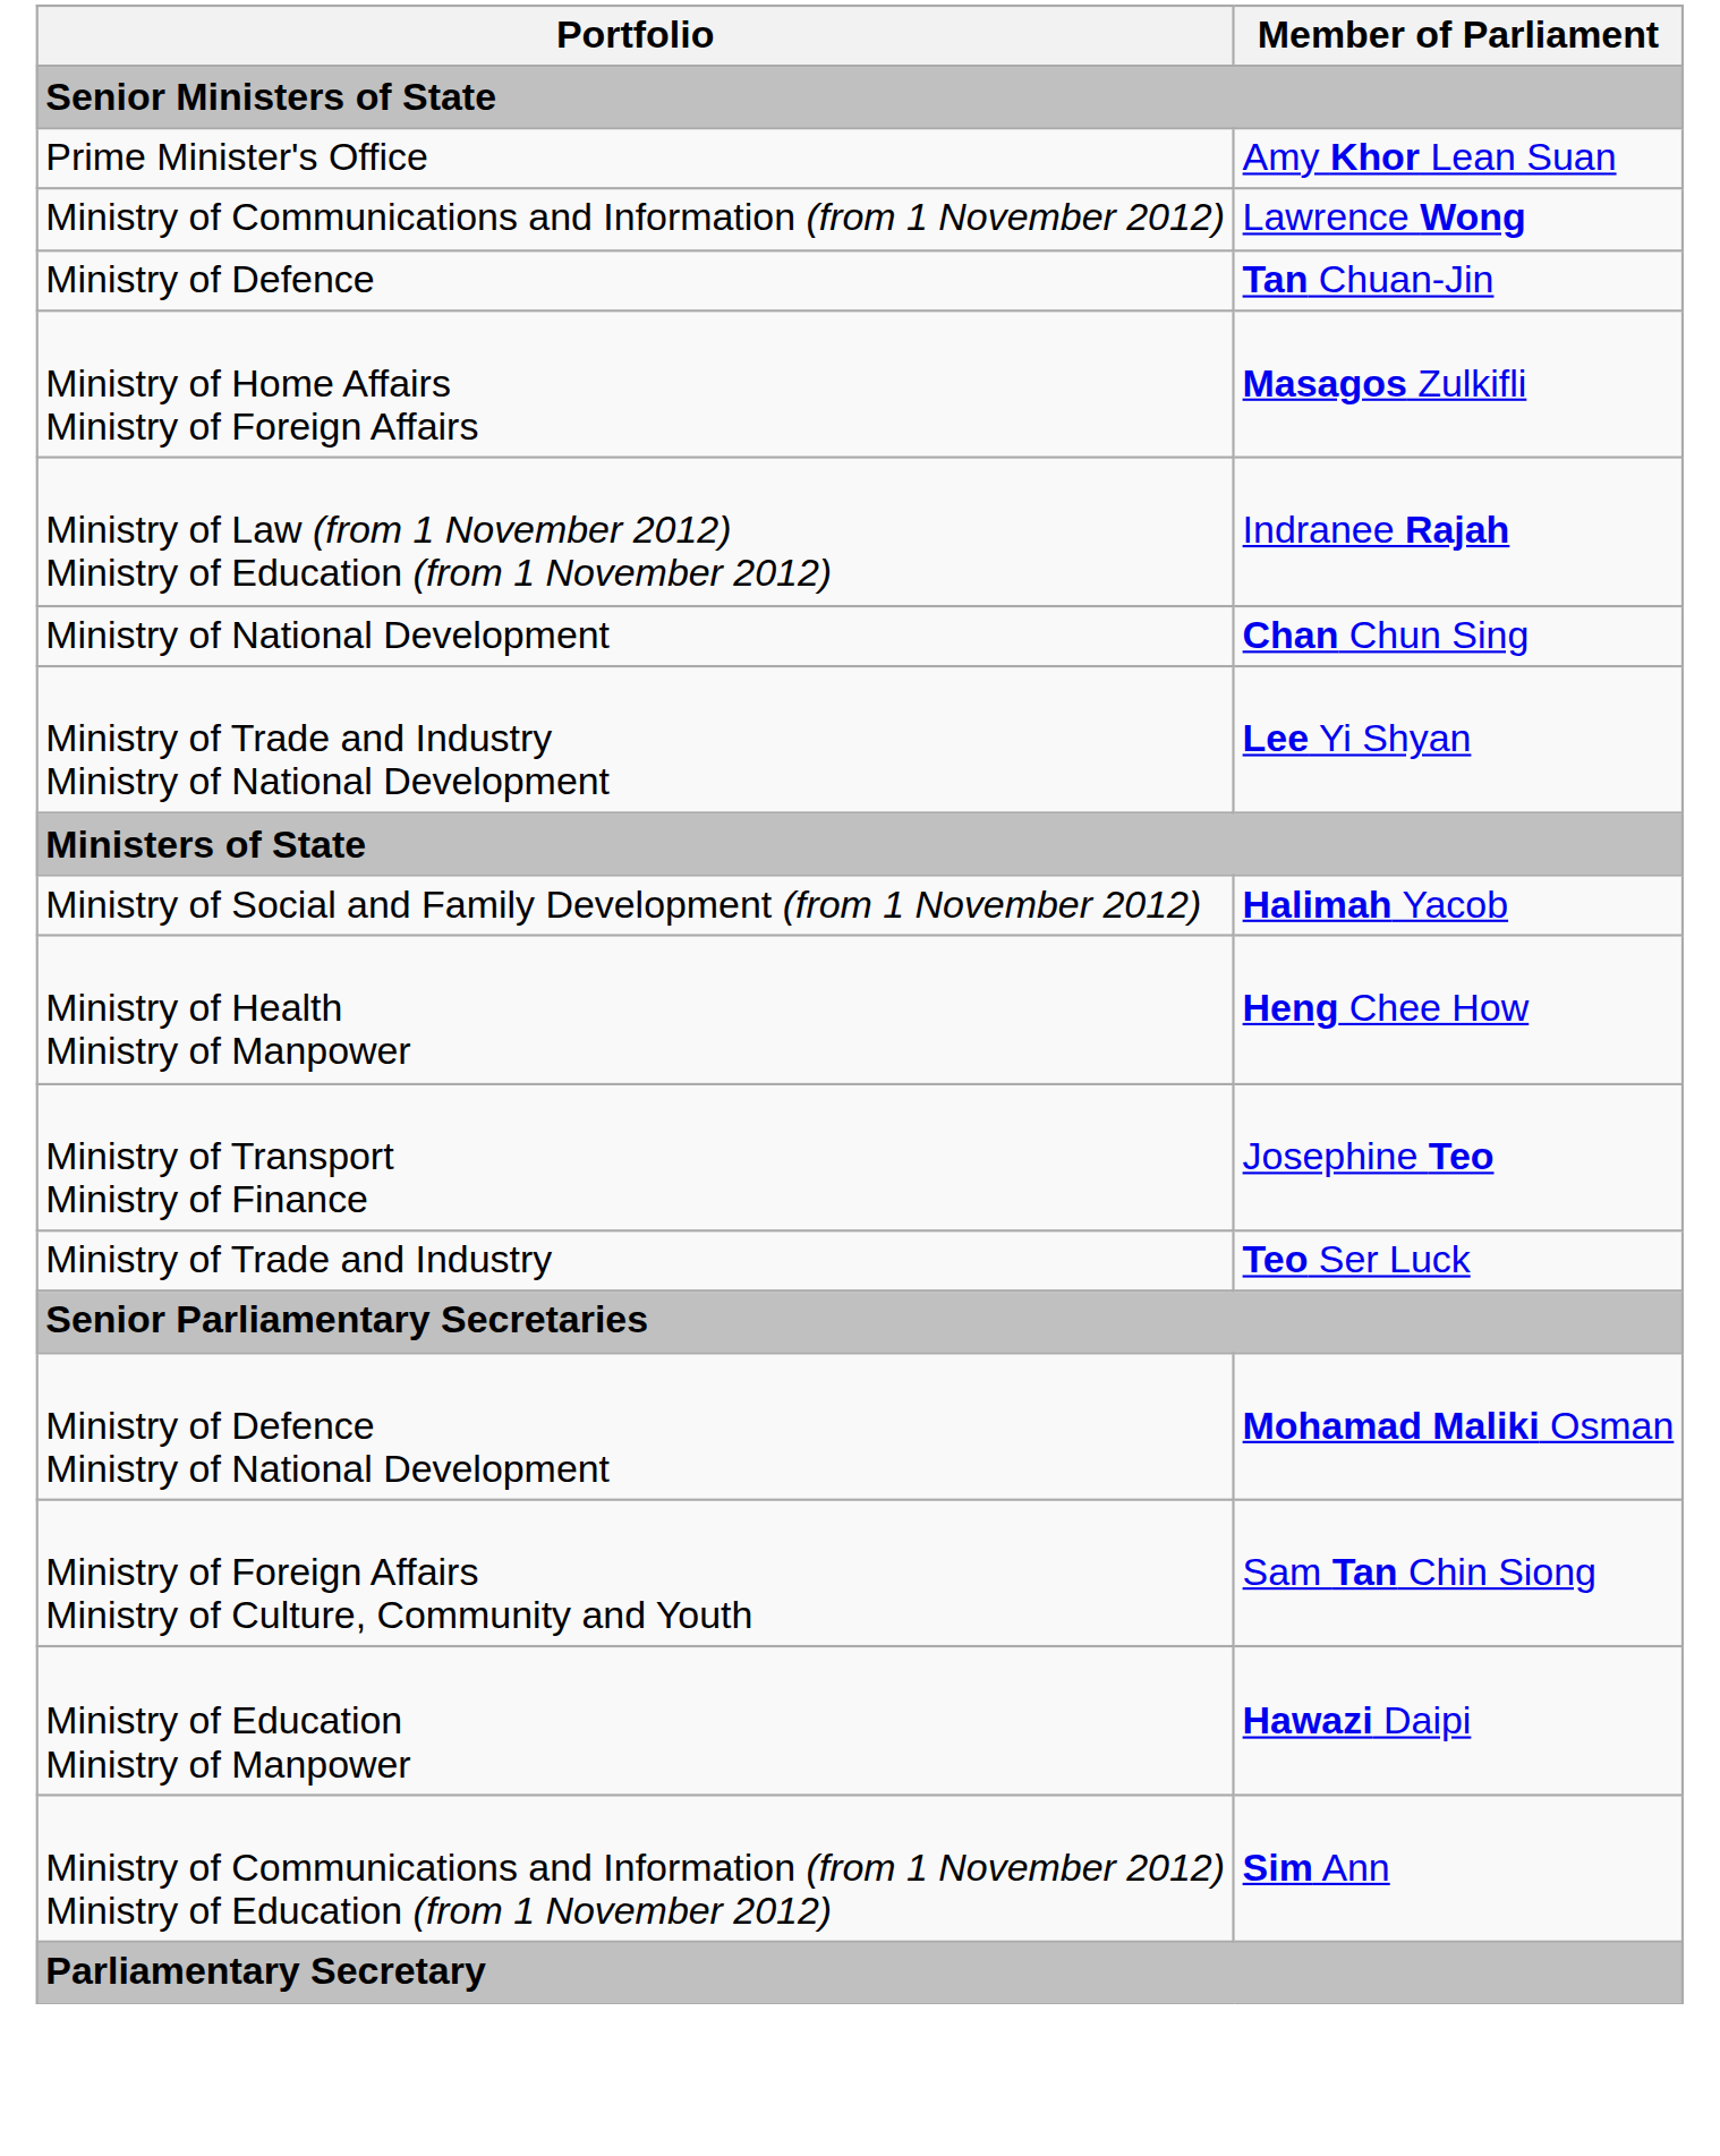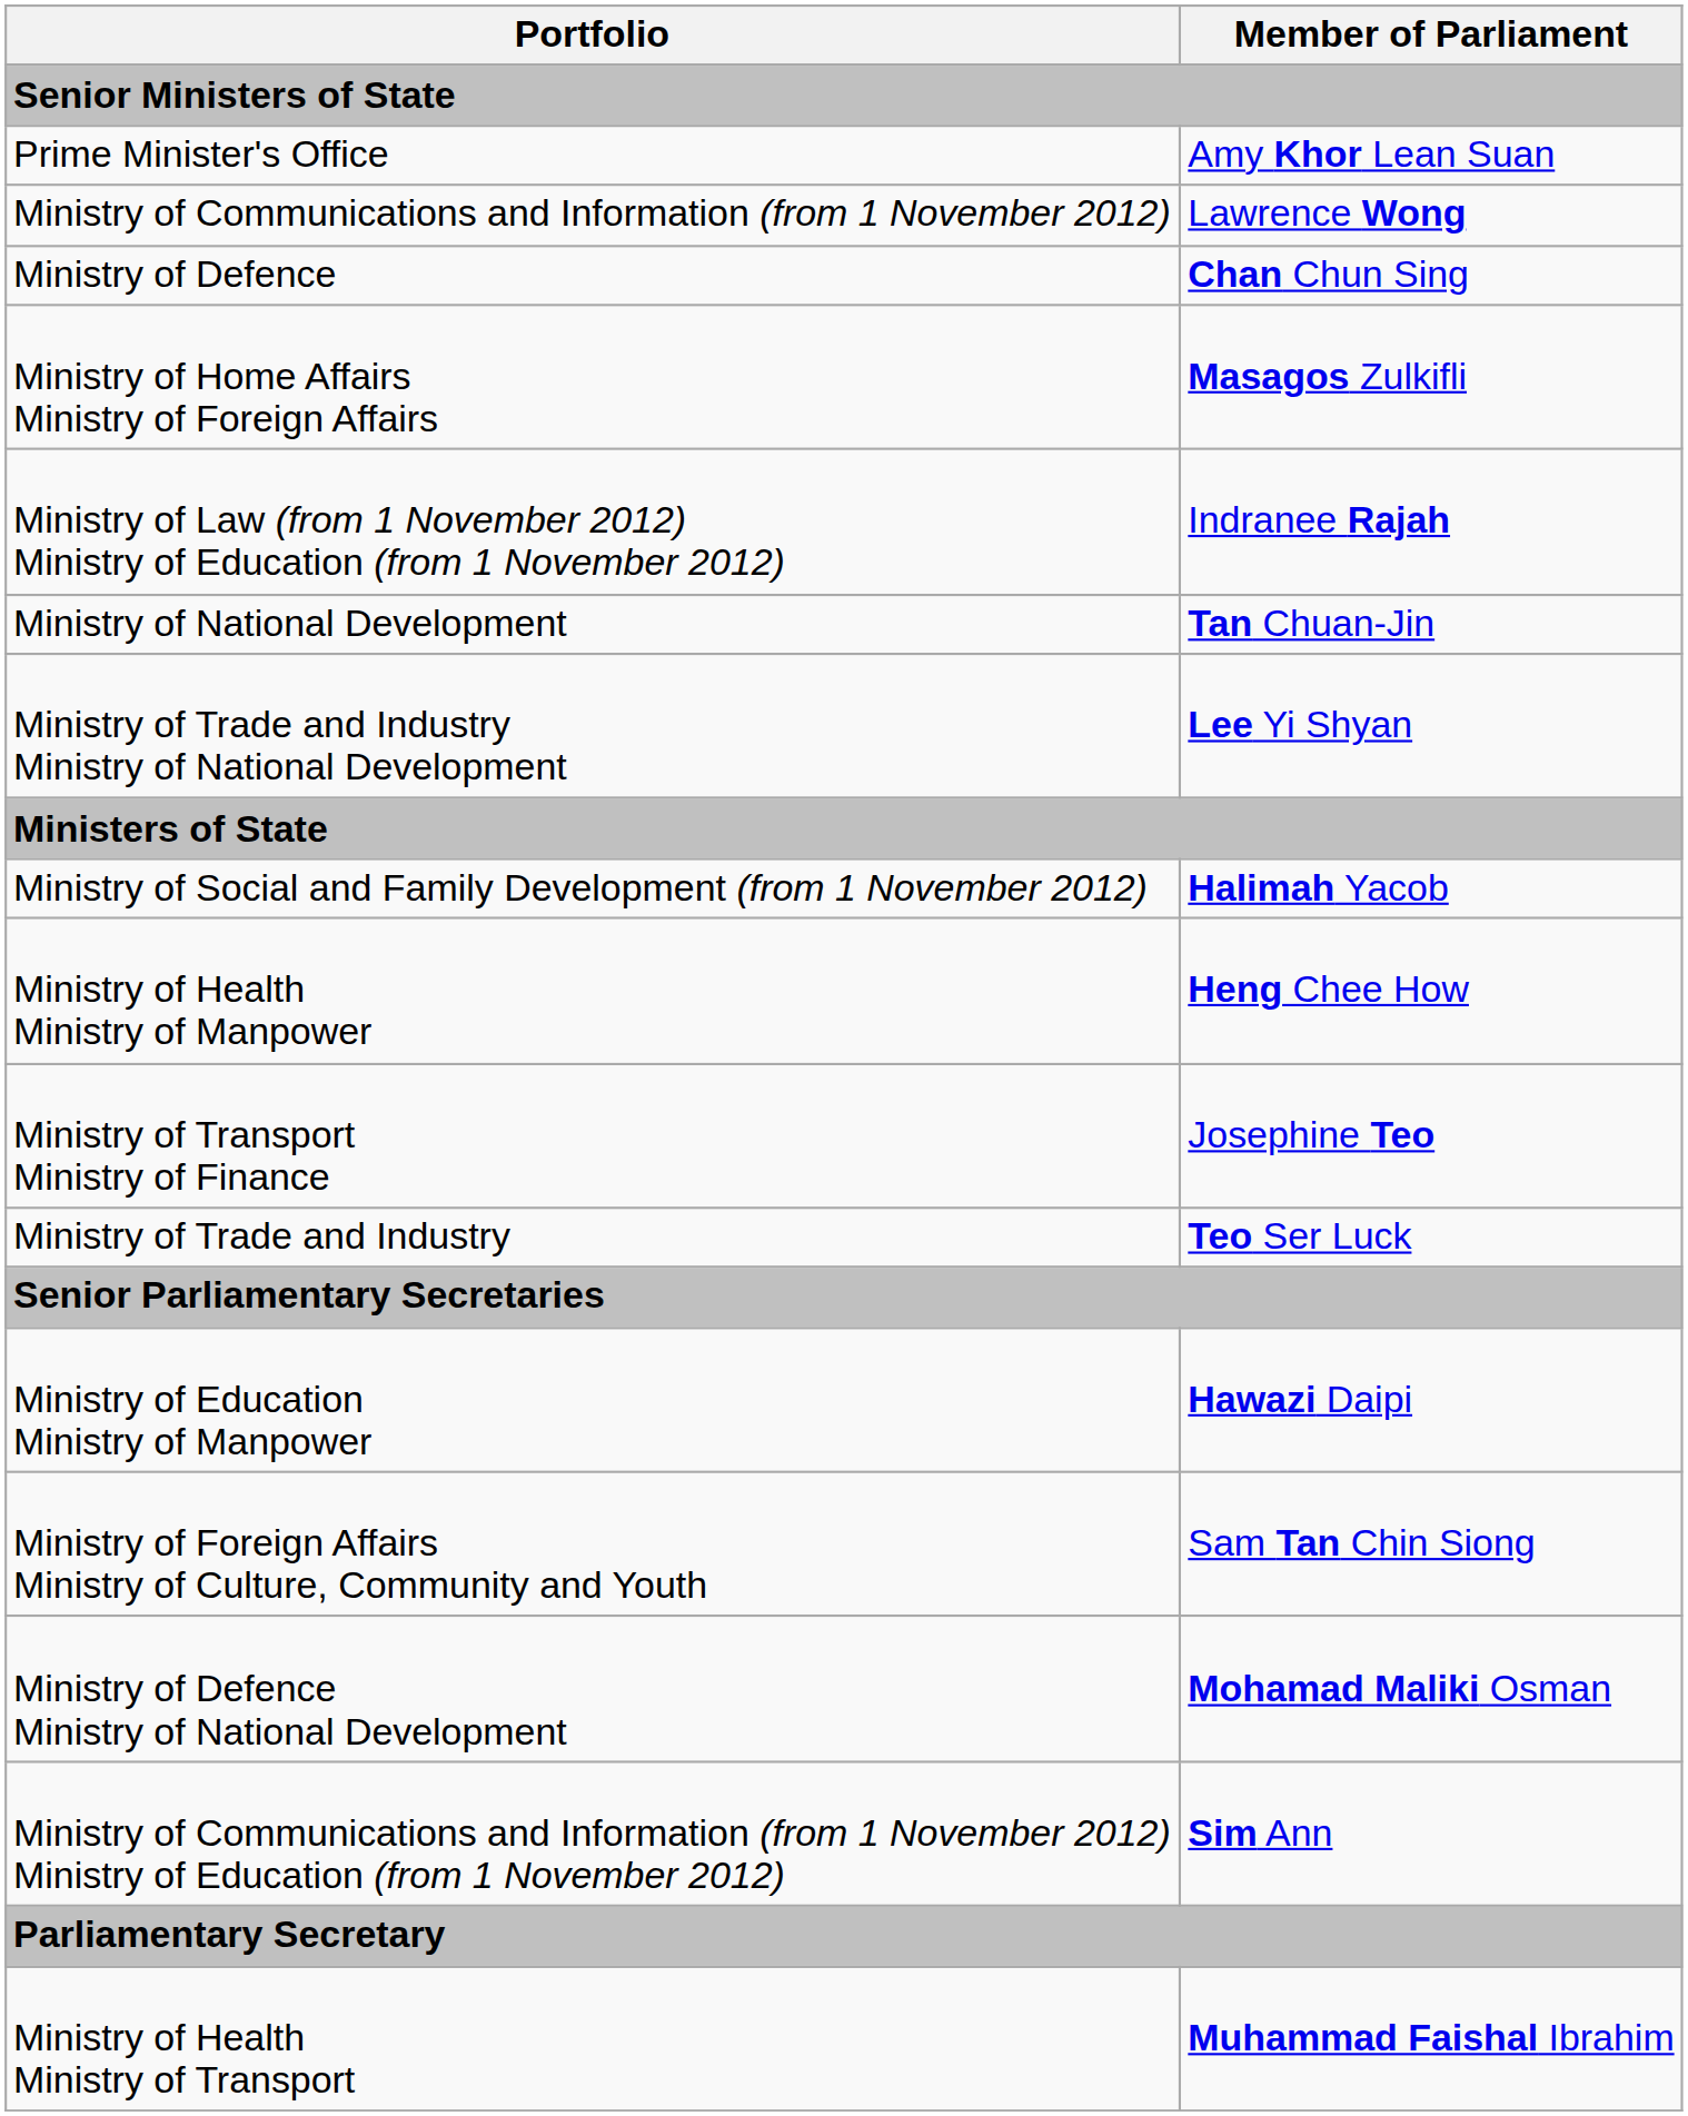 <table class="wikitable" style="margin: 1em auto 1em auto">
 <tr>
 <th>Portfolio</th>
 <th>Member of Parliament</th>
 </tr>
 <tr>
 <td colspan="2" style="background:silver;"><strong>Senior Ministers of State</strong></td>
 </tr>
 <tr>
 <td>Prime Minister's Office</td>
 <td><a href='#'>Amy <strong>Khor</strong> Lean Suan</a></td>
 </tr>
 <tr>
 <td>Ministry of Communications and Information <em>(from 1 November 2012)</em></td>
 <td><a href='#'>Lawrence <strong>Wong</strong></a></td>
 </tr>
 <tr>
 <td>Ministry of Defence</td>
-<td><a href='#'><strong>Tan</strong> Chuan-Jin</a></td>
+<td><a href='#'><strong>Chan</strong> Chun Sing</a></td>
 </tr>
 <tr>
 <td><br>Ministry of Home Affairs<br> Ministry of Foreign Affairs</td>
 <td><a href='#'><strong>Masagos</strong> Zulkifli</a></td>
 </tr>
 <tr>
 <td><br>Ministry of Law <em>(from 1 November 2012)</em><br> Ministry of Education <em>(from 1 November 2012)</em></td>
 <td><a href='#'>Indranee <strong>Rajah</strong></a></td>
 </tr>
 <tr>
 <td>Ministry of National Development</td>
-<td><a href='#'><strong>Chan</strong> Chun Sing</a></td>
+<td><a href='#'><strong>Tan</strong> Chuan-Jin</a></td>
 </tr>
 <tr>
 <td><br>Ministry of Trade and Industry<br> Ministry of National Development</td>
 <td><a href='#'><strong>Lee</strong> Yi Shyan</a></td>
 </tr>
 <tr>
 <td colspan="2" style="background:silver;"><strong>Ministers of State</strong></td>
 </tr>
 <tr>
 <td>Ministry of Social and Family Development <em>(from 1 November 2012)</em></td>
 <td><a href='#'><strong>Halimah</strong> Yacob</a></td>
 </tr>
 <tr>
 <td><br>Ministry of Health<br> Ministry of Manpower</td>
 <td><a href='#'><strong>Heng</strong> Chee How</a></td>
 </tr>
 <tr>
 <td><br>Ministry of Transport<br> Ministry of Finance</td>
 <td><a href='#'>Josephine <strong>Teo</strong></a></td>
 </tr>
 <tr>
 <td>Ministry of Trade and Industry</td>
 <td><a href='#'><strong>Teo</strong> Ser Luck</a></td>
 </tr>
 <tr>
 <td colspan="2" style="background:silver;"><strong>Senior Parliamentary Secretaries</strong></td>
 </tr>
 <tr>
-<td><br>Ministry of Defence<br> Ministry of National Development</td>
-<td><a href='#'><strong>Mohamad Maliki</strong> Osman</a></td>
+<td><br>Ministry of Education<br> Ministry of Manpower</td>
+<td><a href='#'><strong>Hawazi</strong> Daipi</a></td>
 </tr>
 <tr>
 <td><br>Ministry of Foreign Affairs<br> Ministry of Culture, Community and Youth</td>
 <td><a href='#'>Sam <strong>Tan</strong> Chin Siong</a></td>
 </tr>
 <tr>
-<td><br>Ministry of Education<br> Ministry of Manpower</td>
-<td><a href='#'><strong>Hawazi</strong> Daipi</a></td>
+<td><br>Ministry of Defence<br> Ministry of National Development</td>
+<td><a href='#'><strong>Mohamad Maliki</strong> Osman</a></td>
 </tr>
 <tr>
 <td><br>Ministry of Communications and Information <em>(from 1 November 2012)</em><br> Ministry of Education <em>(from 1 November 2012)</em></td>
 <td><a href='#'><strong>Sim</strong> Ann</a></td>
 </tr>
 <tr>
 <td colspan="2" style="background:silver;"><strong>Parliamentary Secretary</strong></td>
 </tr>
+<tr>
+<td><br>Ministry of Health<br> Ministry of Transport</td>
+<td><a href='#'><strong>Muhammad Faishal</strong> Ibrahim</a></td>
+</tr>
 </table>
